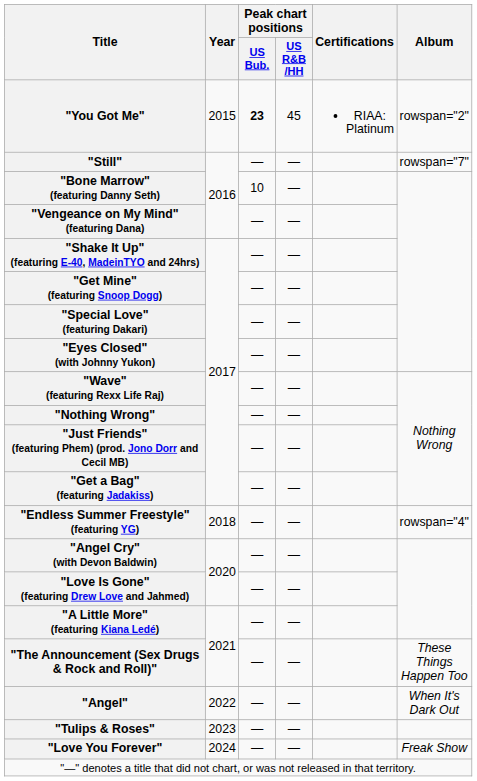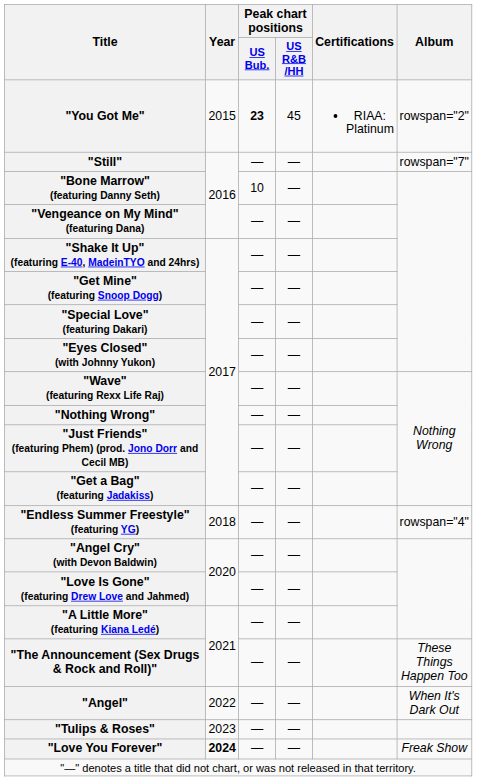 <table class="wikitable plainrowheaders" style="text-align:center;">
 <tr>
 <th scope="col" rowspan="2" style="width:18em;">Title</th>
 <th scope="col" rowspan="2">Year</th>
 <th scope="col" colspan="2">Peak chart positions</th>
 <th scope="col" rowspan="2">Certifications</th>
 <th scope="col" rowspan="2">Album</th>
 </tr>
 <tr>
 <th scope="col" style="width:3em;font-size:90%;"><a href='#'>US Bub.</a><br></th>
 <th scope="col" style="width:3em;font-size:90%;"><a href='#'>US<br>R&B<br>/HH</a><br></th>
 </tr>
 <tr>
 <th scope="row">"You Got Me"</th>
 <td>2015</td>
 <td><strong>23</strong></td>
 <td>45</td>
 <td><br><ul><li>RIAA: Platinum</li></ul></td>
 <td>rowspan="2" </td>
 </tr>
 <tr>
 <th scope="row">"Still"</th>
 <td rowspan="3">2016</td>
 <td>—</td>
 <td>—</td>
 <td></td>
 <td>rowspan="7" </td>
 </tr>
 <tr>
 <th scope="row">"Bone Marrow"<br><small>(featuring Danny Seth)</small></th>
 <td>10</td>
 <td>—</td>
 <td></td>
 </tr>
 <tr>
 <th scope="row">"Vengeance on My Mind"<br><small>(featuring Dana)</small></th>
 <td>—</td>
 <td>—</td>
 <td></td>
 </tr>
 <tr>
 <th scope="row">"Shake It Up"<br><small>(featuring <a href='#'>E-40</a>, <a href='#'>MadeinTYO</a> and 24hrs)</small></th>
 <td rowspan="8">2017</td>
 <td>—</td>
 <td>—</td>
 <td></td>
 </tr>
 <tr>
 <th scope="row">"Get Mine" <br><small>(featuring <a href='#'>Snoop Dogg</a>)</small></th>
 <td>—</td>
 <td>—</td>
 <td></td>
 </tr>
 <tr>
 <th scope="row">"Special Love" <br><small>(featuring Dakari)</small></th>
 <td>—</td>
 <td>—</td>
 <td></td>
 </tr>
 <tr>
 <th scope="row">"Eyes Closed" <br><small>(with Johnny Yukon)</small></th>
 <td>—</td>
 <td>—</td>
 <td></td>
 </tr>
 <tr>
 <th scope="row">"Wave"<br><small>(featuring Rexx Life Raj)</small></th>
 <td>—</td>
 <td>—</td>
 <td></td>
 <td rowspan="4"><em>Nothing Wrong</em></td>
 </tr>
 <tr>
 <th scope="row">"Nothing Wrong"</th>
 <td>—</td>
 <td>—</td>
 <td></td>
 </tr>
 <tr>
 <th scope="row">"Just Friends"<br><small>(featuring Phem) (prod. <a href='#'>Jono Dorr</a> and Cecil MB)</small></th>
 <td>—</td>
 <td>—</td>
 <td></td>
 </tr>
 <tr>
 <th scope="row">"Get a Bag"<br><small>(featuring <a href='#'>Jadakiss</a>)</small></th>
 <td>—</td>
 <td>—</td>
 <td></td>
 </tr>
 <tr>
 <th scope="row">"Endless Summer Freestyle" <br><small>(featuring <a href='#'>YG</a>)</small></th>
 <td>2018</td>
 <td>—</td>
 <td>—</td>
 <td></td>
 <td>rowspan="4" </td>
 </tr>
 <tr>
 <th scope="row">"Angel Cry"<br><small>(with Devon Baldwin)</small></th>
 <td rowspan="2">2020</td>
 <td>—</td>
 <td>—</td>
 <td></td>
 </tr>
 <tr>
 <th scope="row">"Love Is Gone"<br><small>(featuring <a href='#'>Drew Love</a> and Jahmed)</small></th>
 <td>—</td>
 <td>—</td>
 <td></td>
 </tr>
 <tr>
 <th scope="row">"A Little More"<br><small>(featuring <a href='#'>Kiana Ledé</a>)</small></th>
 <td rowspan="2">2021</td>
 <td>—</td>
 <td>—</td>
 <td></td>
 </tr>
 <tr>
 <th scope="row">"The Announcement (Sex Drugs & Rock and Roll)"</th>
 <td>—</td>
 <td>—</td>
 <td></td>
 <td><em>These Things Happen Too</em></td>
 </tr>
 <tr>
 <th scope="row">"Angel"</th>
 <td>2022</td>
 <td>—</td>
 <td>—</td>
 <td></td>
 <td><em>When It's Dark Out</em></td>
 </tr>
 <tr>
 <th scope="row">"Tulips & Roses"</th>
 <td>2023</td>
 <td>—</td>
 <td>—</td>
 <td></td>
 </tr>
 <tr>
 <th scope="row">"Love You Forever"</th>
-<td>2024</td>
+<td><strong>2024</strong></td>
 <td>—</td>
 <td>—</td>
 <td></td>
 <td><em>Freak Show</em></td>
 </tr>
 <tr>
 <td colspan="6" style="font-size:90%">"—" denotes a title that did not chart, or was not released in that territory.</td>
 </tr>
 </table>
